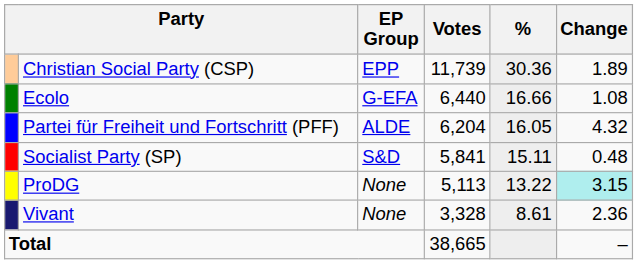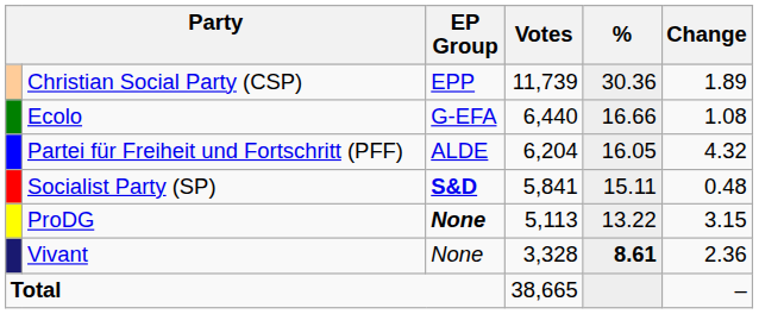 <table class="wikitable" border="1">
 <tr style="background-color:#C9C9C9">
 <th align=left colspan=2 valign=top width=300>Party</th>
 <th align=left width=50>EP Group</th>
 <th align=right width=50>Votes</th>
 <th align=right width=50>%</th>
 <th align=right width=50>Change</th>
 </tr>
 <tr>
 <td bgcolor="#FFCC99"> </td>
 <td align=left><a href='#'>Christian Social Party</a> (CSP)</td>
 <td align=left><a href='#'>EPP</a></td>
 <td align=right>11,739</td>
 <td align=right style="background-color:#EEEEEE">30.36</td>
 <td align=right> 1.89</td>
 </tr>
 <tr>
 <td bgcolor="green"> </td>
 <td align=left><a href='#'>Ecolo</a></td>
 <td align=left><a href='#'>G-EFA</a></td>
 <td align=right>6,440</td>
 <td align=right style="background-color:#EEEEEE">16.66</td>
 <td align=right> 1.08</td>
 </tr>
 <tr>
 <td bgcolor="blue"> </td>
 <td align=left><a href='#'>Partei für Freiheit und Fortschritt</a> (PFF)</td>
 <td align=left><a href='#'>ALDE</a></td>
 <td align=right>6,204</td>
 <td align=right style="background-color:#EEEEEE">16.05</td>
 <td align=right> 4.32</td>
 </tr>
 <tr>
 <td bgcolor="red"> </td>
 <td align=left><a href='#'>Socialist Party</a> (SP)</td>
-<td align=left><a href='#'>S&D</a></td>
+<td align=left><strong><a href='#'>S&D</a></strong></td>
 <td align=right>5,841</td>
 <td align=right style="background-color:#EEEEEE">15.11</td>
 <td align=right> 0.48</td>
 </tr>
 <tr>
 <td bgcolor="yellow"> </td>
 <td align=left><a href='#'>ProDG</a></td>
-<td align=left><em>None</em></td>
+<td align=left><strong><em>None</em></strong></td>
 <td align=right>5,113</td>
 <td align=right style="background-color:#EEEEEE">13.22</td>
-<td align=right style="background: paleturquoise;"> 3.15</td>
+<td align=right> 3.15</td>
 </tr>
 <tr>
 <td bgcolor="191970"> </td>
 <td align=left><a href='#'>Vivant</a></td>
 <td align=left><em>None</em></td>
 <td align=right>3,328</td>
-<td align=right style="background-color:#EEEEEE">8.61</td>
+<td align=right style="background-color:#EEEEEE"><strong>8.61</strong></td>
 <td align=right> 2.36</td>
 </tr>
 <tr>
 <td align=left colspan=3><strong>Total</strong></td>
 <td align=right>38,665</td>
 <td align=right style="background-color:#EEEEEE"></td>
 <td align=right>–</td>
 </tr>
 </table>
